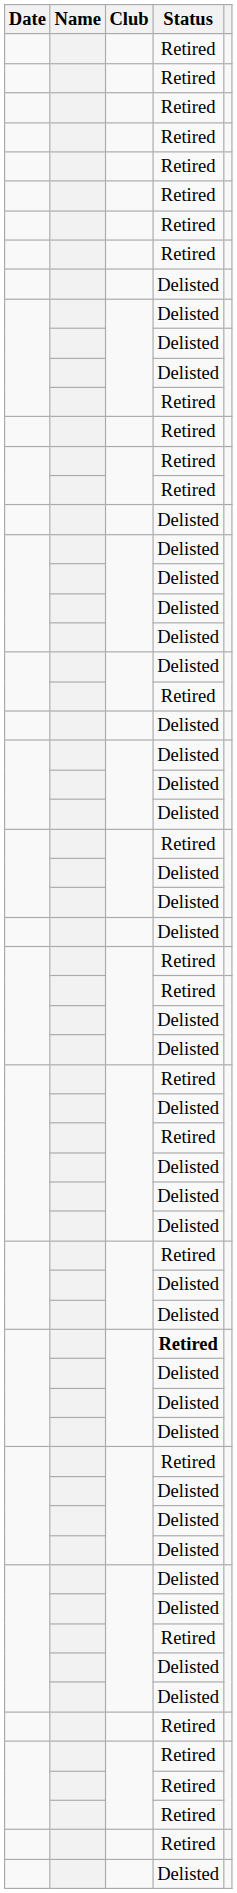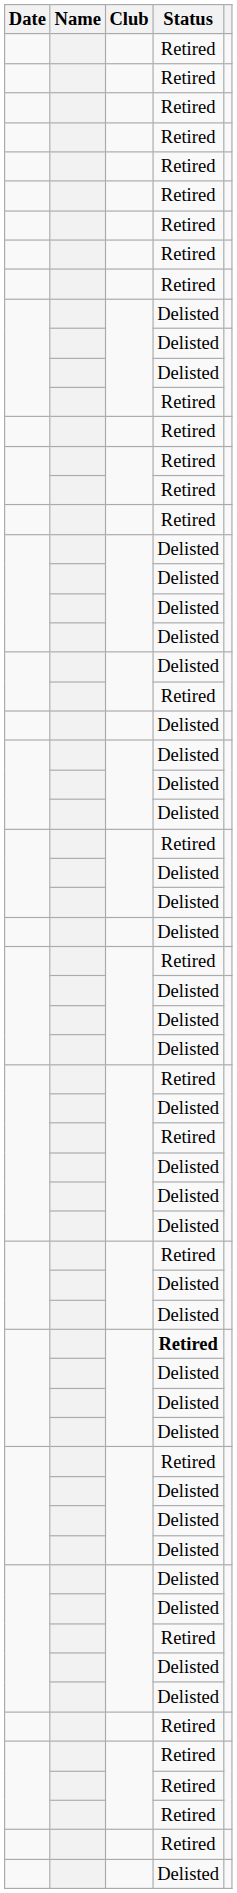 <table class="wikitable sortable plainrowheaders" style="text-align:center;">
 <tr>
 <th scope="col">Date</th>
 <th scope="col">Name</th>
 <th scope="col">Club</th>
 <th scope="col">Status</th>
 <th class="unsortable"></th>
 </tr>
 <tr>
 <td></td>
 <th scope="row"></th>
 <td></td>
 <td>Retired</td>
 <td></td>
 </tr>
 <tr>
 <td></td>
 <th scope="row"></th>
 <td></td>
 <td>Retired</td>
 <td></td>
 </tr>
 <tr>
 <td></td>
 <th scope="row"></th>
 <td></td>
 <td>Retired</td>
 <td></td>
 </tr>
 <tr>
 <td></td>
 <th scope="row"></th>
 <td></td>
 <td>Retired</td>
 <td></td>
 </tr>
 <tr>
 <td></td>
 <th scope="row"></th>
 <td></td>
 <td>Retired</td>
 <td></td>
 </tr>
 <tr>
 <td></td>
 <th scope="row"></th>
 <td></td>
 <td>Retired</td>
 <td></td>
 </tr>
 <tr>
 <td></td>
 <th scope="row"></th>
 <td></td>
 <td>Retired</td>
 <td></td>
 </tr>
 <tr>
 <td></td>
 <th scope="row"></th>
 <td></td>
 <td>Retired</td>
 <td></td>
 </tr>
 <tr>
 <td></td>
 <th scope="row"></th>
 <td></td>
-<td>Delisted</td>
+<td>Retired</td>
 <td></td>
 </tr>
 <tr>
 <td rowspan=4></td>
 <th scope="row"></th>
 <td rowspan=4></td>
 <td>Delisted</td>
 <td></td>
 </tr>
 <tr>
 <th scope="row"></th>
 <td>Delisted</td>
 <td rowspan=3></td>
 </tr>
 <tr>
 <th scope="row"></th>
 <td>Delisted</td>
 </tr>
 <tr>
 <th scope="row"></th>
 <td>Retired</td>
 </tr>
 <tr>
 <td></td>
 <th scope="row"></th>
 <td></td>
 <td>Retired</td>
 <td></td>
 </tr>
 <tr>
 <td rowspan=2></td>
 <th scope="row"></th>
 <td rowspan=2></td>
 <td>Retired</td>
 <td rowspan=2></td>
 </tr>
 <tr>
 <th scope="row"></th>
 <td>Retired</td>
 </tr>
 <tr>
 <td></td>
 <th scope="row"></th>
 <td></td>
-<td>Delisted</td>
+<td>Retired</td>
 <td></td>
 </tr>
 <tr>
 <td rowspan=4></td>
 <th scope="row"></th>
 <td rowspan=4></td>
 <td>Delisted</td>
 <td rowspan=4></td>
 </tr>
 <tr>
 <th scope="row"></th>
 <td>Delisted</td>
 </tr>
 <tr>
 <th scope="row"></th>
 <td>Delisted</td>
 </tr>
 <tr>
 <th scope="row"></th>
 <td>Delisted</td>
 </tr>
 <tr>
 <td rowspan=2></td>
 <th scope="row"></th>
 <td rowspan=2></td>
 <td>Delisted</td>
 <td rowspan=2></td>
 </tr>
 <tr>
 <th scope="row"></th>
 <td>Retired</td>
 </tr>
 <tr>
 <td></td>
 <th scope="row"></th>
 <td></td>
 <td>Delisted</td>
 <td></td>
 </tr>
 <tr>
 <td rowspan=3></td>
 <th scope="row"></th>
 <td rowspan=3></td>
 <td>Delisted</td>
 <td rowspan=3></td>
 </tr>
 <tr>
 <th scope="row"></th>
 <td>Delisted</td>
 </tr>
 <tr>
 <th scope="row"></th>
 <td>Delisted</td>
 </tr>
 <tr>
 <td rowspan=3></td>
 <th scope="row"></th>
 <td rowspan=3></td>
 <td>Retired</td>
 <td rowspan=3></td>
 </tr>
 <tr>
 <th scope="row"></th>
 <td>Delisted</td>
 </tr>
 <tr>
 <th scope="row"></th>
 <td>Delisted</td>
 </tr>
 <tr>
 <td></td>
 <th scope="row"></th>
 <td></td>
 <td>Delisted</td>
 <td></td>
 </tr>
 <tr>
 <td rowspan=4></td>
 <th scope="row"></th>
 <td rowspan=4></td>
 <td>Retired</td>
 <td></td>
 </tr>
 <tr>
 <th scope="row"></th>
-<td>Retired</td>
+<td>Delisted</td>
 <td rowspan=3></td>
 </tr>
 <tr>
 <th scope="row"></th>
 <td>Delisted</td>
 </tr>
 <tr>
 <th scope="row"></th>
 <td>Delisted</td>
 </tr>
 <tr>
 <td rowspan=6></td>
 <th scope="row"></th>
 <td rowspan=6></td>
 <td>Retired</td>
 <td rowspan=6></td>
 </tr>
 <tr>
 <th scope="row"></th>
 <td>Delisted</td>
 </tr>
 <tr>
 <th scope="row"></th>
 <td>Retired</td>
 </tr>
 <tr>
 <th scope="row"></th>
 <td>Delisted</td>
 </tr>
 <tr>
 <th scope="row"></th>
 <td>Delisted</td>
 </tr>
 <tr>
 <th scope="row"></th>
 <td>Delisted</td>
 </tr>
 <tr>
 <td rowspan=3></td>
 <th scope="row"></th>
 <td rowspan=3></td>
 <td>Retired</td>
 <td rowspan=3></td>
 </tr>
 <tr>
 <th scope="row"></th>
 <td>Delisted</td>
 </tr>
 <tr>
 <th scope="row"></th>
 <td>Delisted</td>
 </tr>
 <tr>
 <td rowspan=4></td>
 <th scope="row"></th>
 <td rowspan=4></td>
 <td><strong>Retired</strong></td>
 <td rowspan=4></td>
 </tr>
 <tr>
 <th scope="row"></th>
 <td>Delisted</td>
 </tr>
 <tr>
 <th scope="row"></th>
 <td>Delisted</td>
 </tr>
 <tr>
 <th scope="row"></th>
 <td>Delisted</td>
 </tr>
 <tr>
 <td rowspan=4></td>
 <th scope="row"></th>
 <td rowspan=4></td>
 <td>Retired</td>
 <td rowspan=4></td>
 </tr>
 <tr>
 <th scope="row"></th>
 <td>Delisted</td>
 </tr>
 <tr>
 <th scope="row"></th>
 <td>Delisted</td>
 </tr>
 <tr>
 <th scope="row"></th>
 <td>Delisted</td>
 </tr>
 <tr>
 <td rowspan=5></td>
 <th scope="row"></th>
 <td rowspan=5></td>
 <td>Delisted</td>
 <td rowspan=5></td>
 </tr>
 <tr>
 <th scope="row"></th>
 <td>Delisted</td>
 </tr>
 <tr>
 <th scope="row"></th>
 <td>Retired</td>
 </tr>
 <tr>
 <th scope="row"></th>
 <td>Delisted</td>
 </tr>
 <tr>
 <th scope="row"></th>
 <td>Delisted</td>
 </tr>
 <tr>
 <td></td>
 <th scope="row"></th>
 <td></td>
 <td>Retired</td>
 <td></td>
 </tr>
 <tr>
 <td rowspan=3></td>
 <th scope="row"></th>
 <td rowspan=3></td>
 <td>Retired</td>
 <td rowspan=3></td>
 </tr>
 <tr>
 <th scope="row"></th>
 <td>Retired</td>
 </tr>
 <tr>
 <th scope="row"></th>
 <td>Retired</td>
 </tr>
 <tr>
 <td></td>
 <th scope="row"></th>
 <td></td>
 <td>Retired</td>
 <td></td>
 </tr>
 <tr>
 <td></td>
 <th scope="row"></th>
 <td></td>
 <td>Delisted</td>
 <td></td>
 </tr>
 </table>
